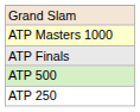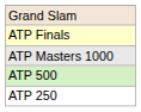 <table class="wikitable" style="font-size:85%; width:11%;">
 <tr>
 </tr>
 <tr style="background:#f3e6d7;">
 <td>Grand Slam</td>
 </tr>
 <tr style="background:#ffffcc;">
-<td>ATP Masters 1000</td>
+<td>ATP Finals</td>
 </tr>
 <tr style="background:#e9e9e9;">
-<td>ATP Finals</td>
+<td>ATP Masters 1000</td>
 </tr>
 <tr style="background:#d4f1c5;">
 <td>ATP 500</td>
 </tr>
 <tr style="background:#ffffff;">
 <td>ATP 250</td>
 </tr>
 </table>
